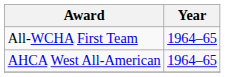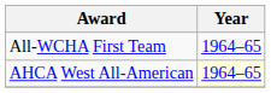 <table class="wikitable">
 <tr>
 <th>Award</th>
 <th>Year</th>
 </tr>
 <tr>
 <td>All-<a href='#'>WCHA</a> <a href='#'>First Team</a></td>
 <td><a href='#'>1964–65</a></td>
 </tr>
 <tr>
 <td><a href='#'>AHCA</a> <a href='#'>West All-American</a></td>
-<td><a href='#'>1964–65</a></td>
+<td style="background: lightyellow;"><a href='#'>1964–65</a></td>
 </tr>
 <tr>
 </tr>
 </table>
